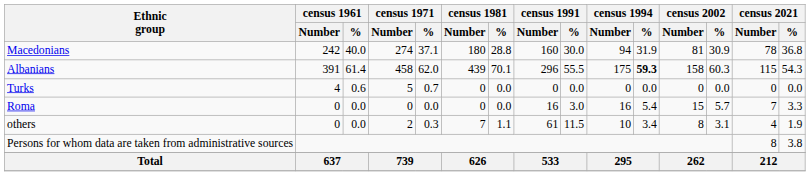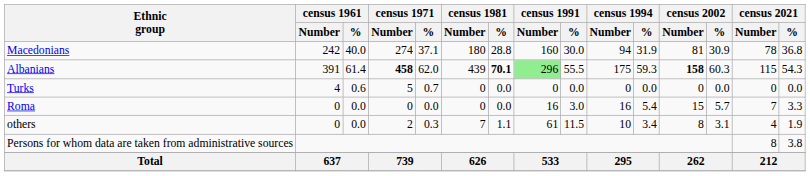 <table class="wikitable">
 <tr>
 <th rowspan="2">Ethnic<br>group</th>
 <th colspan="2">census 1961</th>
 <th colspan="2">census 1971</th>
 <th colspan="2">census 1981</th>
 <th colspan="2">census 1991</th>
 <th colspan="2">census 1994</th>
 <th colspan="2">census 2002</th>
 <th colspan="2">census 2021</th>
 </tr>
 <tr bgcolor="#e0e0e0">
 <th>Number</th>
 <th>%</th>
 <th>Number</th>
 <th>%</th>
 <th>Number</th>
 <th>%</th>
 <th>Number</th>
 <th>%</th>
 <th>Number</th>
 <th>%</th>
 <th>Number</th>
 <th>%</th>
 <th>Number</th>
 <th>%</th>
 </tr>
 <tr>
 <td><a href='#'>Macedonians</a></td>
 <td align="right">242</td>
 <td align="right">40.0</td>
 <td align="right">274</td>
 <td align="right">37.1</td>
 <td align="right">180</td>
 <td align="right">28.8</td>
 <td align="right">160</td>
 <td align="right">30.0</td>
 <td align="right">94</td>
 <td align="right">31.9</td>
 <td align="right">81</td>
 <td align="right">30.9</td>
 <td align="right">78</td>
 <td align="right">36.8</td>
 </tr>
 <tr>
 <td><a href='#'>Albanians</a></td>
 <td align="right">391</td>
 <td align="right">61.4</td>
-<td align="right">458</td>
+<td align="right"><strong>458</strong></td>
 <td align="right">62.0</td>
 <td align="right">439</td>
-<td align="right">70.1</td>
-<td align="right">296</td>
+<td align="right"><strong>70.1</strong></td>
+<td align="right" style="background: lightgreen;">296</td>
 <td align="right">55.5</td>
 <td align="right">175</td>
-<td align="right"><strong>59.3</strong></td>
-<td align="right">158</td>
+<td align="right">59.3</td>
+<td align="right"><strong>158</strong></td>
 <td align="right">60.3</td>
 <td align="right">115</td>
 <td align="right">54.3</td>
 </tr>
 <tr>
 <td><a href='#'>Turks</a></td>
 <td align="right">4</td>
 <td align="right">0.6</td>
 <td align="right">5</td>
 <td align="right">0.7</td>
 <td align="right">0</td>
 <td align="right">0.0</td>
 <td align="right">0</td>
 <td align="right">0.0</td>
 <td align="right">0</td>
 <td align="right">0.0</td>
 <td align="right">0</td>
 <td align="right">0.0</td>
 <td align="right">0</td>
 <td align="right">0.0</td>
 </tr>
 <tr>
 <td><a href='#'>Roma</a></td>
 <td align="right">0</td>
 <td align="right">0.0</td>
 <td align="right">0</td>
 <td align="right">0.0</td>
 <td align="right">0</td>
 <td align="right">0.0</td>
 <td align="right">16</td>
 <td align="right">3.0</td>
 <td align="right">16</td>
 <td align="right">5.4</td>
 <td align="right">15</td>
 <td align="right">5.7</td>
 <td align="right">7</td>
 <td align="right">3.3</td>
 </tr>
 <tr>
 <td>others</td>
 <td align="right">0</td>
 <td align="right">0.0</td>
 <td align="right">2</td>
 <td align="right">0.3</td>
 <td align="right">7</td>
 <td align="right">1.1</td>
 <td align="right">61</td>
 <td align="right">11.5</td>
 <td align="right">10</td>
 <td align="right">3.4</td>
 <td align="right">8</td>
 <td align="right">3.1</td>
 <td align="right">4</td>
 <td align="right">1.9</td>
 </tr>
 <tr>
 <td>Persons for whom data are taken from administrative sources</td>
 <td colspan="12"></td>
 <td align="right">8</td>
 <td align="right">3.8</td>
 </tr>
 <tr>
 </tr>
 <tr bgcolor="#e0e0e0">
 <th align="left">Total</th>
 <th colspan="2">637</th>
 <th colspan="2">739</th>
 <th colspan="2">626</th>
 <th colspan="2">533</th>
 <th colspan="2">295</th>
 <th colspan="2">262</th>
 <th colspan="2">212</th>
 </tr>
 <tr>
 </tr>
 </table>
